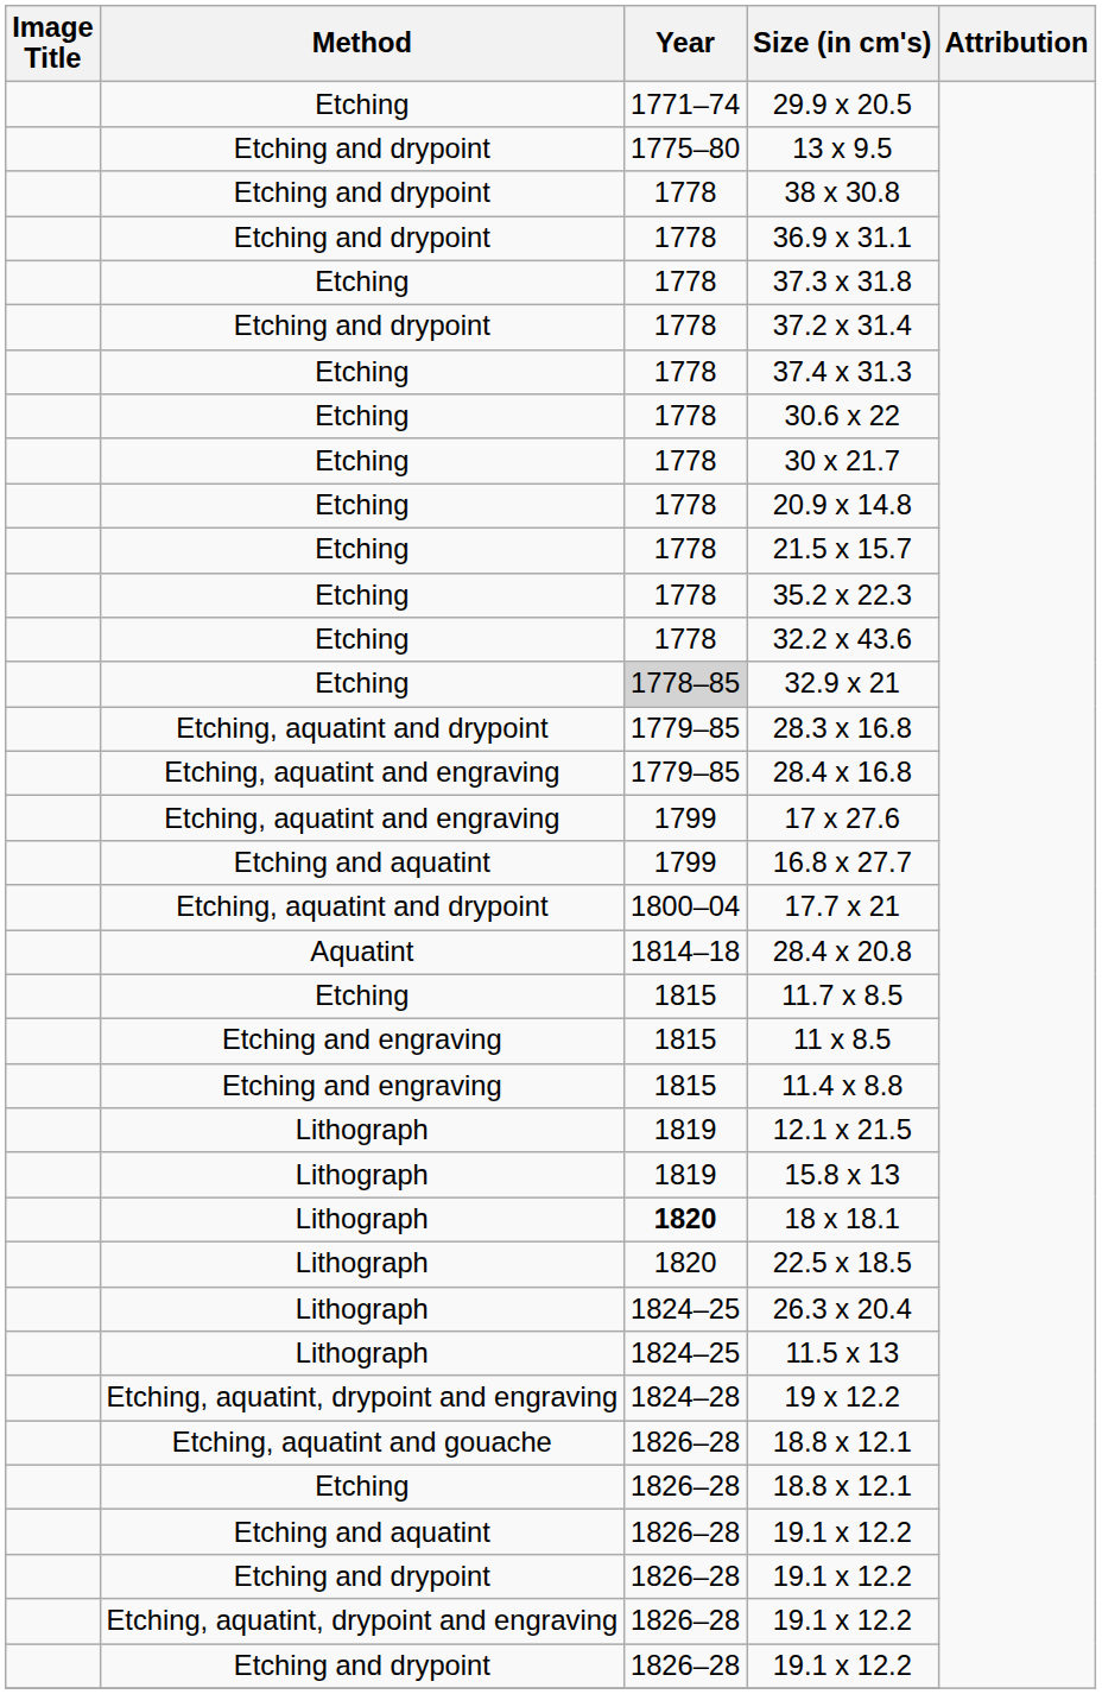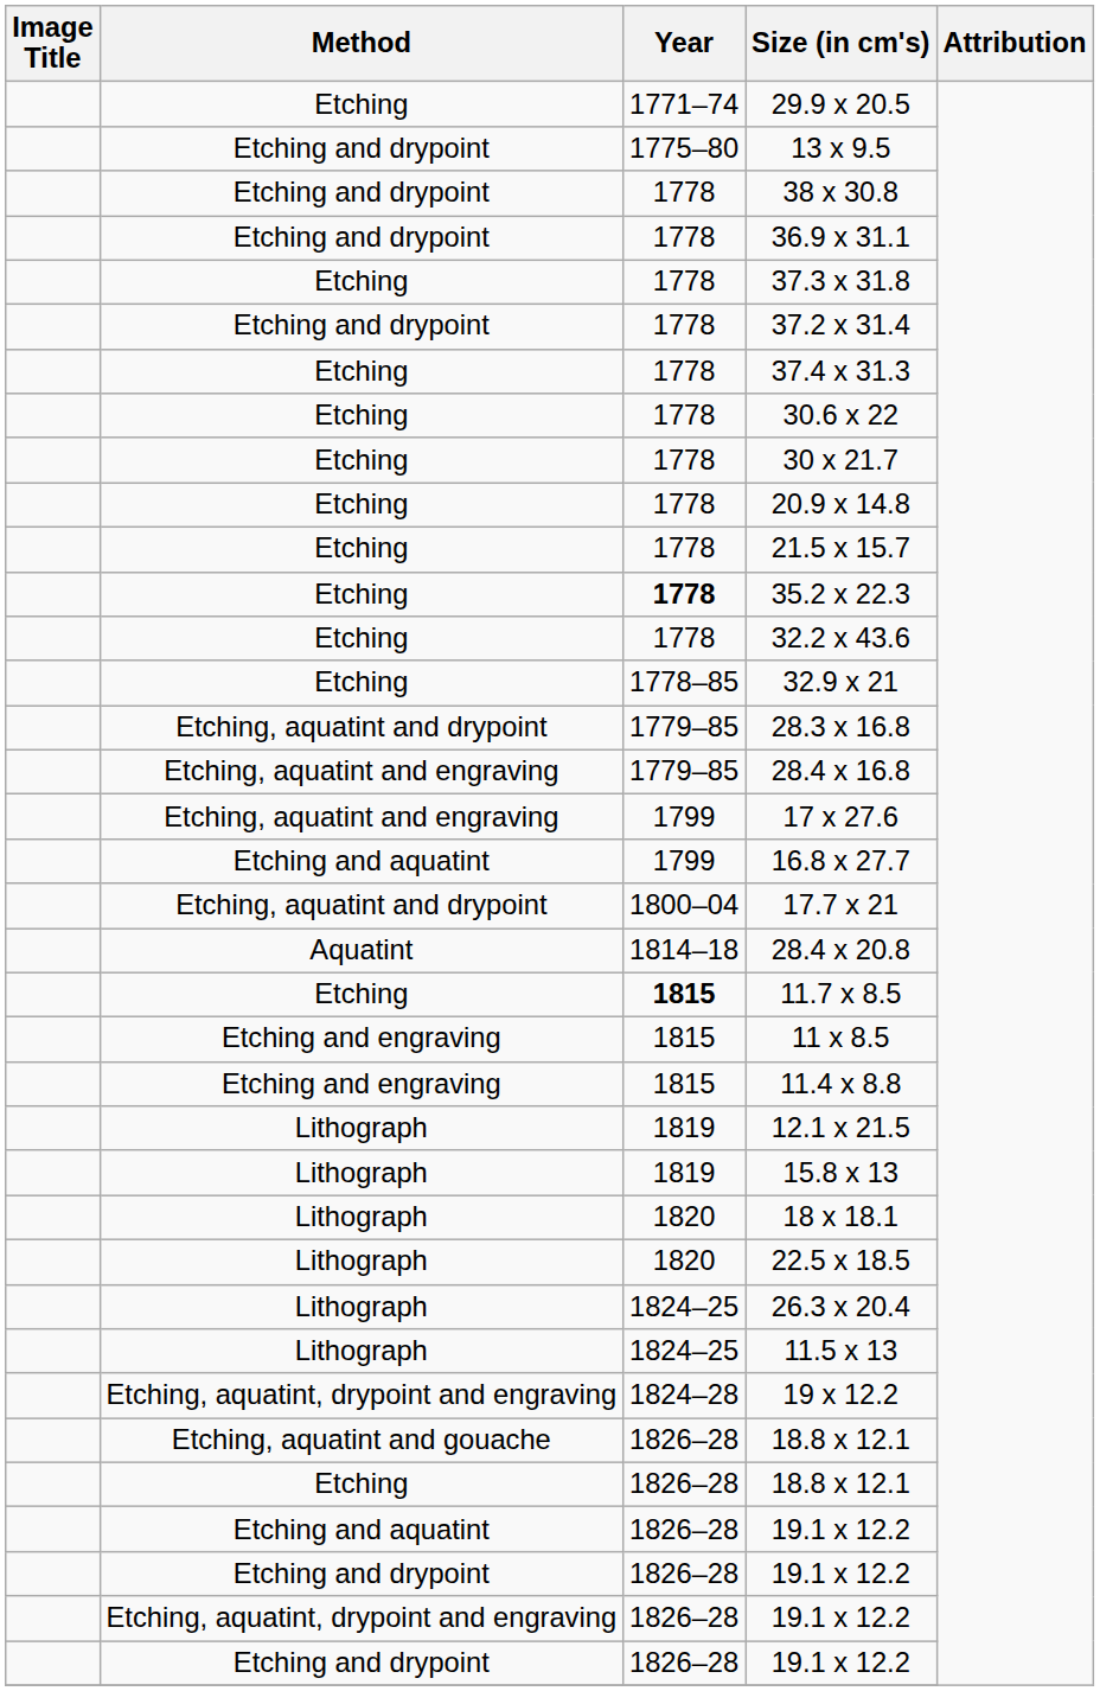 <table class="wikitable sortable" style="text-align: center">
 <tr>
 <th>Image<br>Title</th>
 <th>Method</th>
 <th>Year</th>
 <th>Size (in cm's)</th>
 <th>Attribution</th>
 </tr>
 <tr>
 <td></td>
 <td>Etching</td>
 <td> 1771–74</td>
 <td>29.9 x 20.5</td>
 </tr>
 <tr>
 <td></td>
 <td>Etching and drypoint</td>
 <td> 1775–80</td>
 <td>13 x 9.5</td>
 </tr>
 <tr>
 <td></td>
 <td>Etching and drypoint</td>
 <td>1778</td>
 <td>38 x 30.8</td>
 </tr>
 <tr>
 <td></td>
 <td>Etching and drypoint</td>
 <td>1778</td>
 <td>36.9 x 31.1</td>
 </tr>
 <tr>
 <td></td>
 <td>Etching</td>
 <td>1778</td>
 <td>37.3 x 31.8</td>
 </tr>
 <tr>
 <td></td>
 <td>Etching and drypoint</td>
 <td>1778</td>
 <td>37.2 x 31.4</td>
 </tr>
 <tr>
 <td></td>
 <td>Etching</td>
 <td>1778</td>
 <td>37.4 x 31.3</td>
 </tr>
 <tr>
 <td></td>
 <td>Etching</td>
 <td>1778</td>
 <td>30.6 x 22</td>
 </tr>
 <tr>
 <td></td>
 <td>Etching</td>
 <td>1778</td>
 <td>30 x 21.7</td>
 </tr>
 <tr>
 <td></td>
 <td>Etching</td>
 <td>1778</td>
 <td>20.9 x 14.8</td>
 </tr>
 <tr>
 <td></td>
 <td>Etching</td>
 <td>1778</td>
 <td>21.5 x 15.7</td>
 </tr>
 <tr>
 <td></td>
 <td>Etching</td>
-<td>1778</td>
+<td><strong>1778</strong></td>
 <td>35.2 x 22.3</td>
 </tr>
 <tr>
 <td></td>
 <td>Etching</td>
 <td>1778</td>
 <td>32.2 x 43.6</td>
 </tr>
 <tr>
 <td></td>
 <td>Etching</td>
-<td style="background: lightgrey;"> 1778–85</td>
+<td> 1778–85</td>
 <td>32.9 x 21</td>
 </tr>
 <tr>
 <td></td>
 <td>Etching, aquatint and drypoint</td>
 <td>1779–85</td>
 <td>28.3 x 16.8</td>
 </tr>
 <tr>
 <td></td>
 <td>Etching, aquatint and engraving</td>
 <td>1779–85</td>
 <td>28.4 x 16.8</td>
 </tr>
 <tr>
 <td></td>
 <td>Etching, aquatint and engraving</td>
 <td> 1799</td>
 <td>17 x 27.6</td>
 </tr>
 <tr>
 <td></td>
 <td>Etching and aquatint</td>
 <td> 1799</td>
 <td>16.8 x 27.7</td>
 </tr>
 <tr>
 <td></td>
 <td>Etching, aquatint and drypoint</td>
 <td> 1800–04</td>
 <td>17.7 x 21</td>
 </tr>
 <tr>
 <td></td>
 <td>Aquatint</td>
 <td>1814–18</td>
 <td>28.4 x 20.8</td>
 </tr>
 <tr>
 <td></td>
 <td>Etching</td>
-<td> 1815</td>
+<td><strong> 1815</strong></td>
 <td>11.7 x 8.5</td>
 </tr>
 <tr>
 <td></td>
 <td>Etching and engraving</td>
 <td> 1815</td>
 <td>11 x 8.5</td>
 </tr>
 <tr>
 <td></td>
 <td>Etching and engraving</td>
 <td> 1815</td>
 <td>11.4 x 8.8</td>
 </tr>
 <tr>
 <td></td>
 <td>Lithograph</td>
 <td>1819</td>
 <td>12.1 x 21.5</td>
 </tr>
 <tr>
 <td></td>
 <td>Lithograph</td>
 <td>1819</td>
 <td>15.8 x 13</td>
 </tr>
 <tr>
 <td></td>
 <td>Lithograph</td>
-<td><strong> 1820</strong></td>
+<td> 1820</td>
 <td>18 x 18.1</td>
 </tr>
 <tr>
 <td></td>
 <td>Lithograph</td>
 <td> 1820</td>
 <td>22.5 x 18.5</td>
 </tr>
 <tr>
 <td></td>
 <td>Lithograph</td>
 <td>1824–25</td>
 <td>26.3 x 20.4</td>
 </tr>
 <tr>
 <td></td>
 <td>Lithograph</td>
 <td>1824–25</td>
 <td>11.5 x 13</td>
 </tr>
 <tr>
 <td></td>
 <td>Etching, aquatint, drypoint and engraving</td>
 <td>1824–28</td>
 <td>19 x 12.2</td>
 </tr>
 <tr>
 <td></td>
 <td>Etching, aquatint and gouache</td>
 <td>1826–28</td>
 <td>18.8 x 12.1</td>
 </tr>
 <tr>
 <td></td>
 <td>Etching</td>
 <td>1826–28</td>
 <td>18.8 x 12.1</td>
 </tr>
 <tr>
 <td></td>
 <td>Etching and aquatint</td>
 <td>1826–28</td>
 <td>19.1 x 12.2</td>
 </tr>
 <tr>
 <td></td>
 <td>Etching and drypoint</td>
 <td>1826–28</td>
 <td>19.1 x 12.2</td>
 </tr>
 <tr>
 <td></td>
 <td>Etching, aquatint, drypoint and engraving</td>
 <td>1826–28</td>
 <td>19.1 x 12.2</td>
 </tr>
 <tr>
 <td></td>
 <td>Etching and drypoint</td>
 <td>1826–28</td>
 <td>19.1 x 12.2</td>
 </tr>
 <tr>
 </tr>
 </table>
